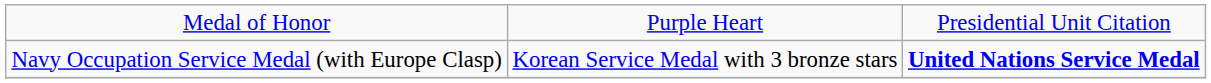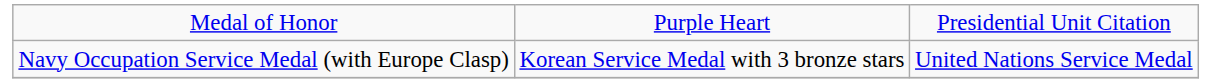 <table class="wikitable" style="margin:1em auto; text-align:center;">
 <tr>
 <td><a href='#'>Medal of Honor</a></td>
 <td><a href='#'>Purple Heart</a></td>
 <td><a href='#'>Presidential Unit Citation</a></td>
 </tr>
 <tr>
 <td><a href='#'>Navy Occupation Service Medal</a> (with Europe Clasp)</td>
 <td><a href='#'>Korean Service Medal</a> with 3 bronze stars</td>
-<td><strong><a href='#'>United Nations Service Medal</a></strong></td>
+<td><a href='#'>United Nations Service Medal</a></td>
 </tr>
 <tr>
 </tr>
 </table>
